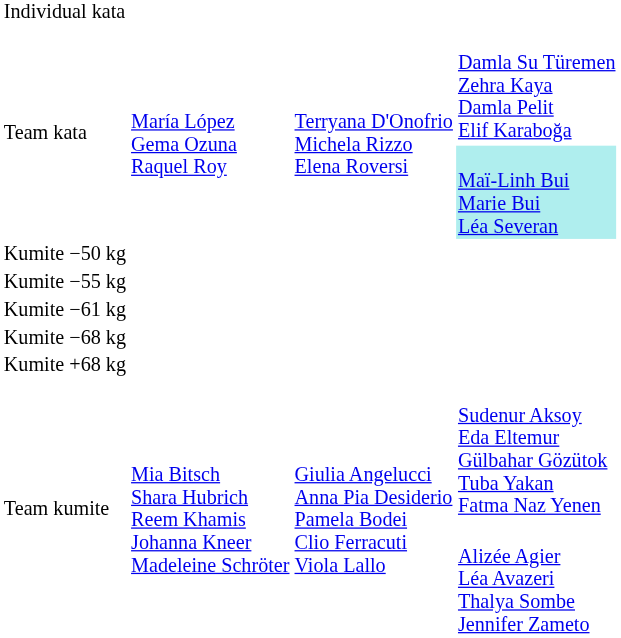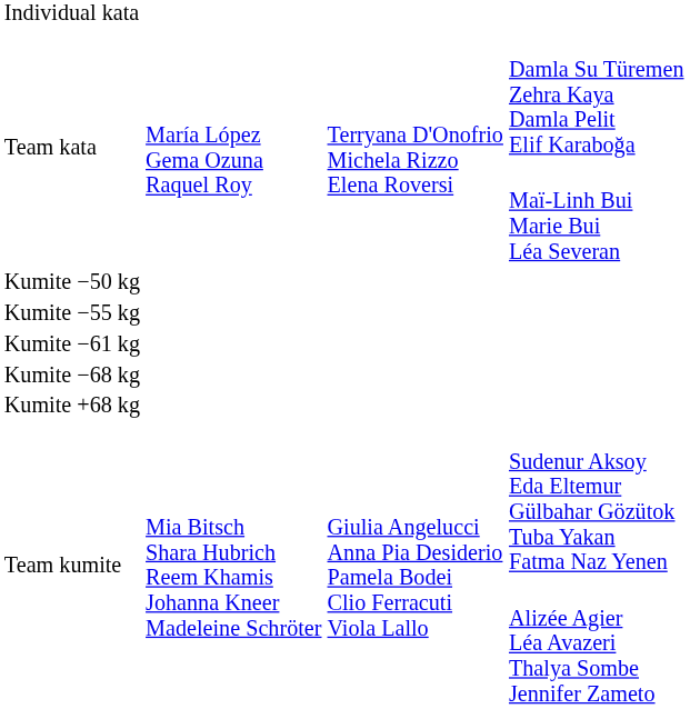 <table>
 <tr>
 <td rowspan=2>Individual kata<br></td>
 <td rowspan=2></td>
 <td rowspan=2></td>
 <td></td>
 </tr>
 <tr>
 <td></td>
 </tr>
 <tr>
 <td rowspan=2>Team kata<br></td>
 <td rowspan=2><br><a href='#'>María López</a><br><a href='#'>Gema Ozuna</a><br><a href='#'>Raquel Roy</a></td>
 <td rowspan=2><br><a href='#'>Terryana D'Onofrio</a><br><a href='#'>Michela Rizzo</a><br><a href='#'>Elena Roversi</a></td>
 <td><br><a href='#'>Damla Su Türemen</a><br><a href='#'>Zehra Kaya</a><br><a href='#'>Damla Pelit</a><br><a href='#'>Elif Karaboğa</a></td>
 </tr>
 <tr>
-<td style="background: paleturquoise;"><br><a href='#'>Maï-Linh Bui</a><br><a href='#'>Marie Bui</a><br><a href='#'>Léa Severan</a></td>
+<td><br><a href='#'>Maï-Linh Bui</a><br><a href='#'>Marie Bui</a><br><a href='#'>Léa Severan</a></td>
 </tr>
 <tr>
 <td rowspan=2>Kumite −50 kg<br></td>
 <td rowspan=2></td>
 <td rowspan=2></td>
 <td></td>
 </tr>
 <tr>
 <td></td>
 </tr>
 <tr>
 <td rowspan=2>Kumite −55 kg<br></td>
 <td rowspan=2></td>
 <td rowspan=2></td>
 <td></td>
 </tr>
 <tr>
 <td></td>
 </tr>
 <tr>
 <td rowspan=2>Kumite −61 kg<br></td>
 <td rowspan=2></td>
 <td rowspan=2></td>
 <td></td>
 </tr>
 <tr>
 <td></td>
 </tr>
 <tr>
 <td rowspan=2>Kumite −68 kg<br></td>
 <td rowspan=2></td>
 <td rowspan=2></td>
 <td></td>
 </tr>
 <tr>
 <td></td>
 </tr>
 <tr>
 <td rowspan=2>Kumite +68 kg<br></td>
 <td rowspan=2></td>
 <td rowspan=2></td>
 <td></td>
 </tr>
 <tr>
 <td></td>
 </tr>
 <tr>
 <td rowspan=2>Team kumite<br></td>
 <td rowspan=2><br><a href='#'>Mia Bitsch</a><br><a href='#'>Shara Hubrich</a><br><a href='#'>Reem Khamis</a><br><a href='#'>Johanna Kneer</a><br><a href='#'>Madeleine Schröter</a></td>
 <td rowspan=2><br><a href='#'>Giulia Angelucci</a><br><a href='#'>Anna Pia Desiderio</a><br><a href='#'>Pamela Bodei</a><br><a href='#'>Clio Ferracuti</a><br><a href='#'>Viola Lallo</a></td>
 <td><br><a href='#'>Sudenur Aksoy</a><br><a href='#'>Eda Eltemur</a><br><a href='#'>Gülbahar Gözütok</a><br><a href='#'>Tuba Yakan</a><br><a href='#'>Fatma Naz Yenen</a></td>
 </tr>
 <tr>
 <td><br><a href='#'>Alizée Agier</a><br><a href='#'>Léa Avazeri</a><br><a href='#'>Thalya Sombe</a><br><a href='#'>Jennifer Zameto</a></td>
 </tr>
 </table>
